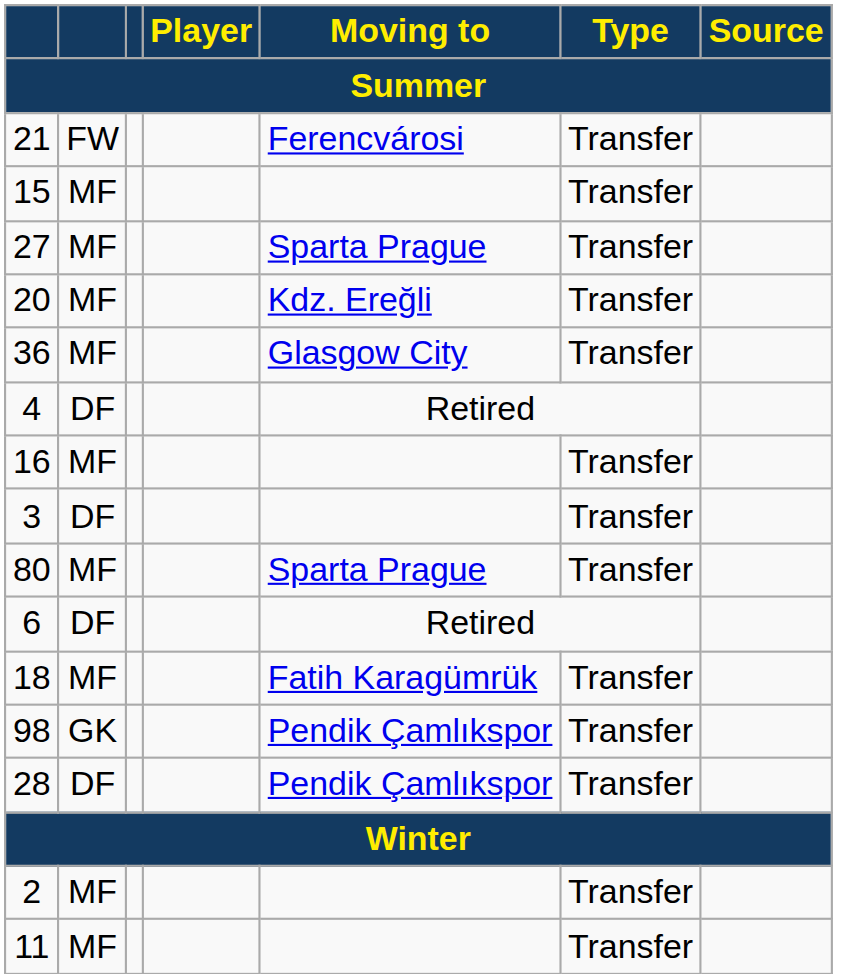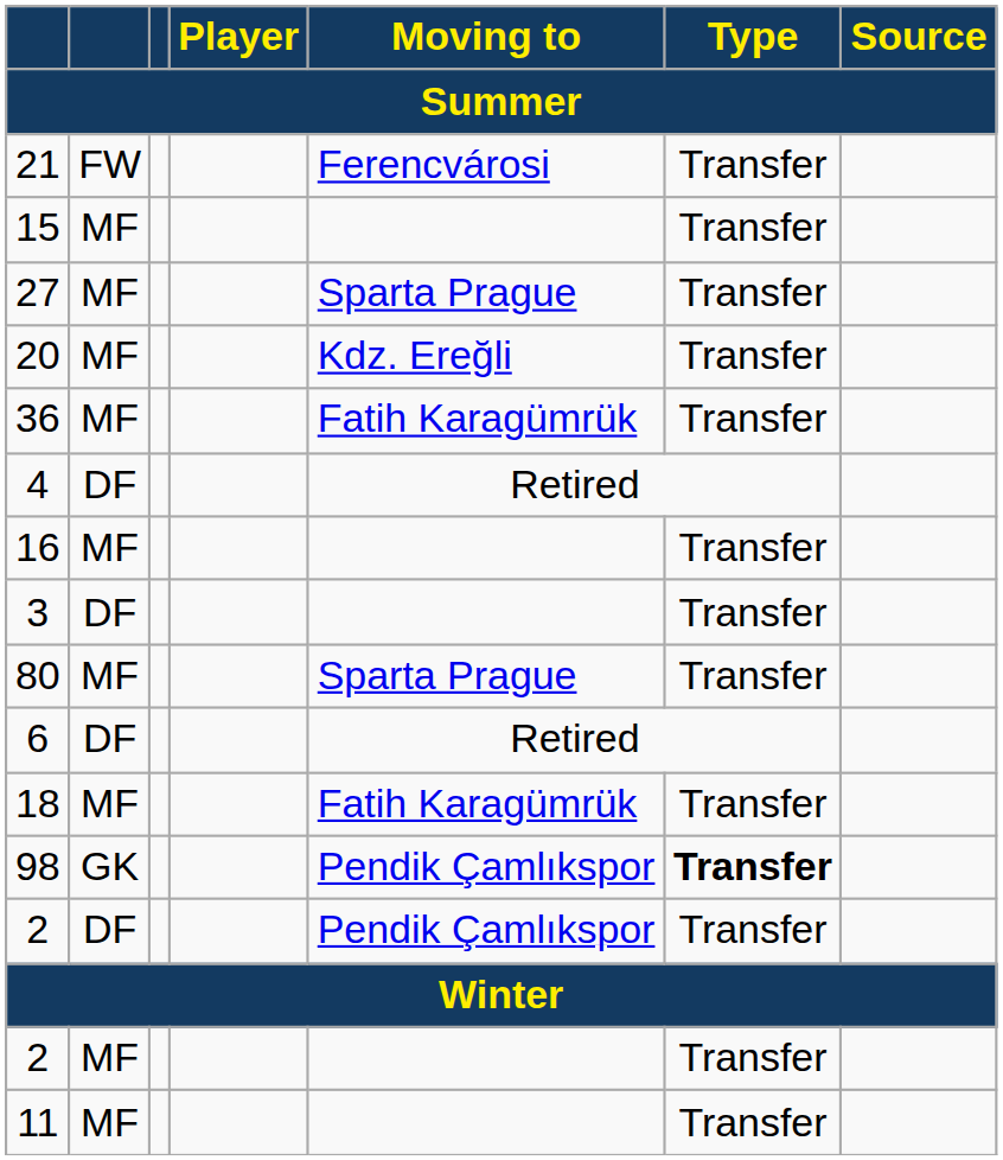 <table class="wikitable plainrowheaders sortable" style="text-align:center">
 <tr>
 <th style="background:#133A61; color:#FFED00; "></th>
 <th style="background:#133A61; color:#FFED00; "></th>
 <th style="background:#133A61; color:#FFED00; "></th>
 <th style="background:#133A61; color:#FFED00; ">Player</th>
 <th style="background:#133A61; color:#FFED00; ">Moving to</th>
 <th style="background:#133A61; color:#FFED00; ">Type</th>
 <th style="background:#133A61; color:#FFED00; ">Source</th>
 </tr>
 <tr>
 <th colspan=7 style="background:#133A61; color:#FFED00; ">Summer</th>
 </tr>
 <tr>
 <td>21</td>
 <td>FW</td>
 <td></td>
 <td align=left></td>
 <td align=left> <a href='#'>Ferencvárosi</a></td>
 <td>Transfer</td>
 <td></td>
 </tr>
 <tr>
 <td>15</td>
 <td>MF</td>
 <td></td>
 <td align=left></td>
 <td align=left></td>
 <td>Transfer</td>
 <td></td>
 </tr>
 <tr>
 <td>27</td>
 <td>MF</td>
 <td></td>
 <td align=left></td>
 <td align=left> <a href='#'>Sparta Prague</a></td>
 <td>Transfer</td>
 <td></td>
 </tr>
 <tr>
 <td>20</td>
 <td>MF</td>
 <td></td>
 <td align=left></td>
 <td align=left><a href='#'>Kdz. Ereğli</a></td>
 <td>Transfer</td>
 <td></td>
 </tr>
 <tr>
 <td>36</td>
 <td>MF</td>
 <td></td>
 <td align=left></td>
-<td align=left> <a href='#'>Glasgow City</a></td>
+<td align=left><a href='#'>Fatih Karagümrük</a></td>
 <td>Transfer</td>
 <td></td>
 </tr>
 <tr>
 <td>4</td>
 <td>DF</td>
 <td></td>
 <td align=left></td>
 <td colspan=2>Retired</td>
 </tr>
 <tr>
 <td>16</td>
 <td>MF</td>
 <td></td>
 <td align=left></td>
 <td align=left></td>
 <td>Transfer</td>
 <td></td>
 </tr>
 <tr>
 <td>3</td>
 <td>DF</td>
 <td></td>
 <td align=left></td>
 <td align=left></td>
 <td>Transfer</td>
 <td></td>
 </tr>
 <tr>
 <td>80</td>
 <td>MF</td>
 <td></td>
 <td align=left></td>
 <td align=left> <a href='#'>Sparta Prague</a></td>
 <td>Transfer</td>
 <td></td>
 </tr>
 <tr>
 <td>6</td>
 <td>DF</td>
 <td></td>
 <td align=left></td>
 <td colspan=2>Retired</td>
 </tr>
 <tr>
 <td>18</td>
 <td>MF</td>
 <td></td>
 <td align=left></td>
 <td align=left><a href='#'>Fatih Karagümrük</a></td>
 <td>Transfer</td>
 <td></td>
 </tr>
 <tr>
 <td>98</td>
 <td>GK</td>
 <td></td>
 <td align=left></td>
 <td align=left><a href='#'>Pendik Çamlıkspor</a></td>
-<td>Transfer</td>
+<td><strong>Transfer</strong></td>
 <td></td>
 </tr>
 <tr>
-<td>28</td>
+<td>2</td>
 <td>DF</td>
 <td></td>
 <td align=left></td>
 <td align=left><a href='#'>Pendik Çamlıkspor</a></td>
 <td>Transfer</td>
 <td></td>
 </tr>
 <tr>
 <th colspan=7 style="background:#133A61; color:#FFED00; ">Winter</th>
 </tr>
 <tr>
 <td>2</td>
 <td>MF</td>
 <td></td>
 <td align=left></td>
 <td align=left></td>
 <td>Transfer</td>
 <td></td>
 </tr>
 <tr>
 <td>11</td>
 <td>MF</td>
 <td></td>
 <td align=left></td>
 <td align=left></td>
 <td>Transfer</td>
 <td></td>
 </tr>
 </table>
